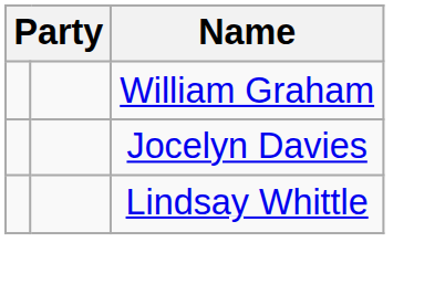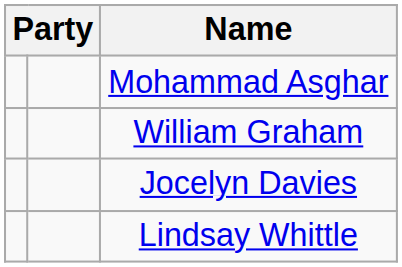 <table class="wikitable" style="text-align:center">
 <tr>
 <th colspan="2">Party</th>
 <th>Name</th>
+</tr>
+<tr>
+<td style="width: 4px"></td>
+<td style="text-align: left;" scope="row"><a href='#'></a></td>
+<td><a href='#'>Mohammad Asghar</a></td>
 </tr>
 <tr>
 <td style="width: 4px"></td>
 <td style="text-align: left;" scope="row"><a href='#'></a></td>
 <td><a href='#'>William Graham</a></td>
 </tr>
 <tr>
 <td style="width: 4px" bgcolor=></td>
 <td style="text-align: left;" scope="row"><a href='#'></a></td>
 <td><a href='#'>Jocelyn Davies</a></td>
 </tr>
 <tr>
 <td style="width: 4px" bgcolor=></td>
 <td style="text-align: left;" scope="row"><a href='#'></a></td>
 <td><a href='#'>Lindsay Whittle</a></td>
 </tr>
 </table>
